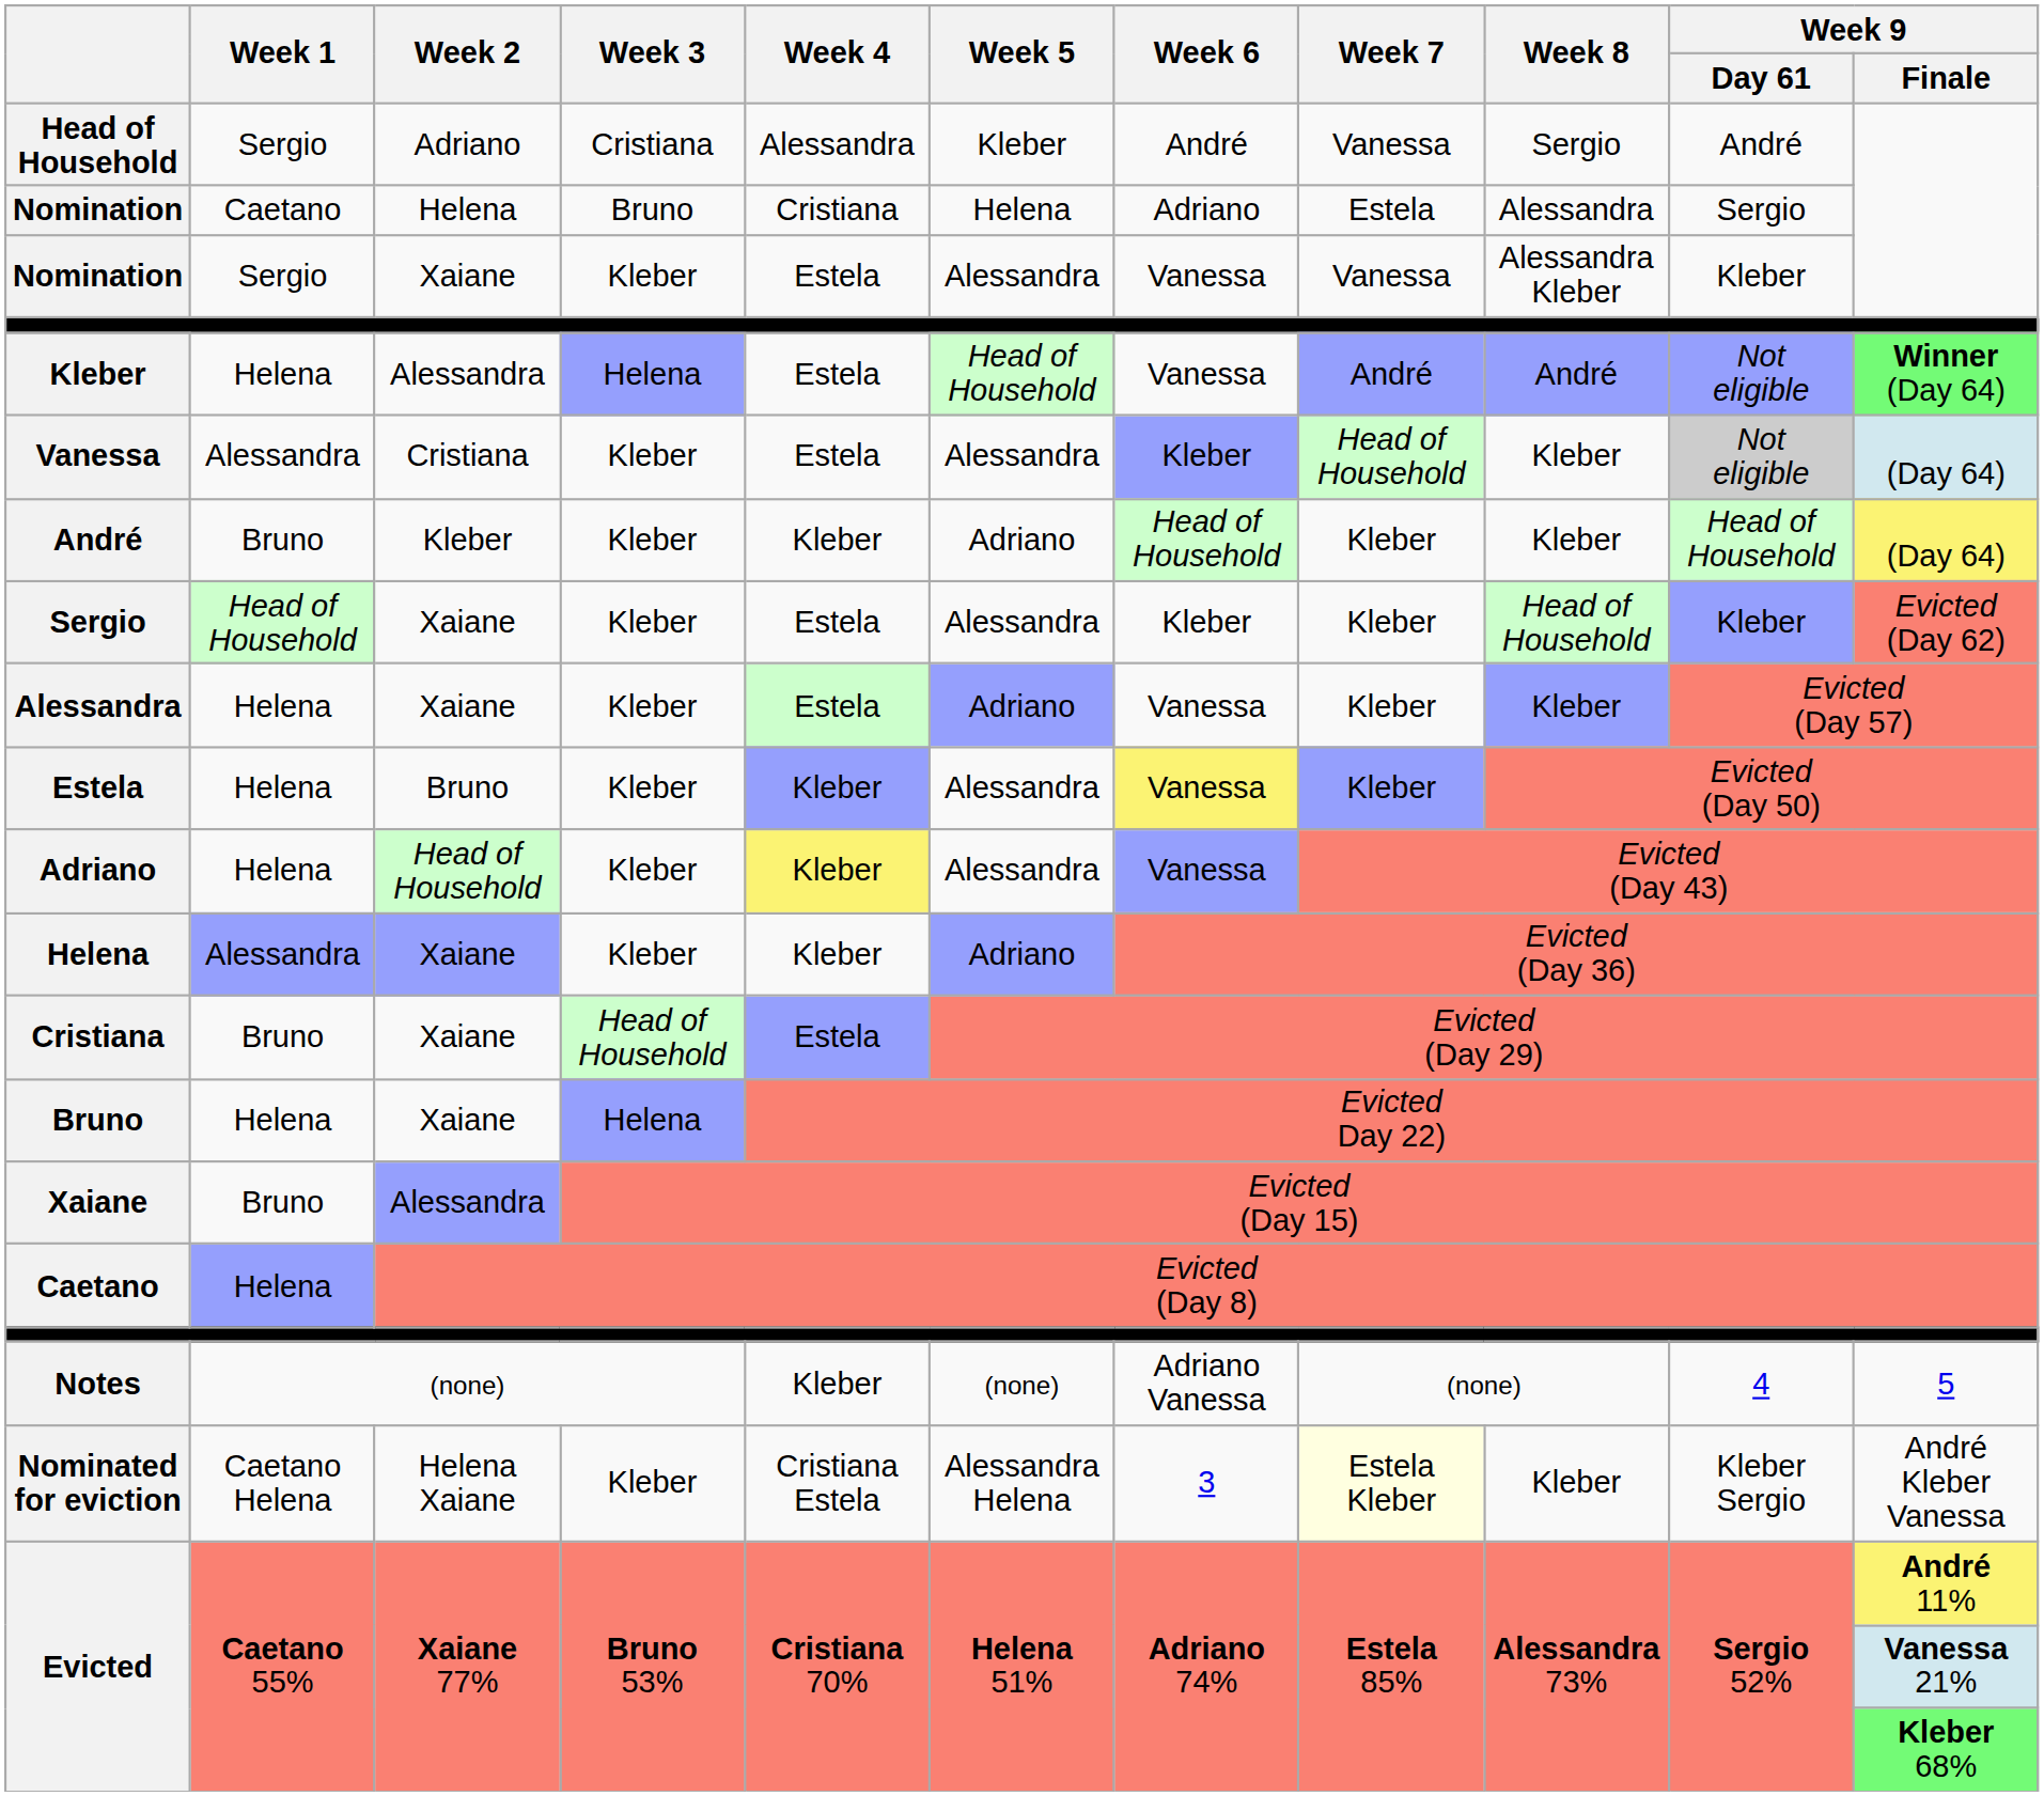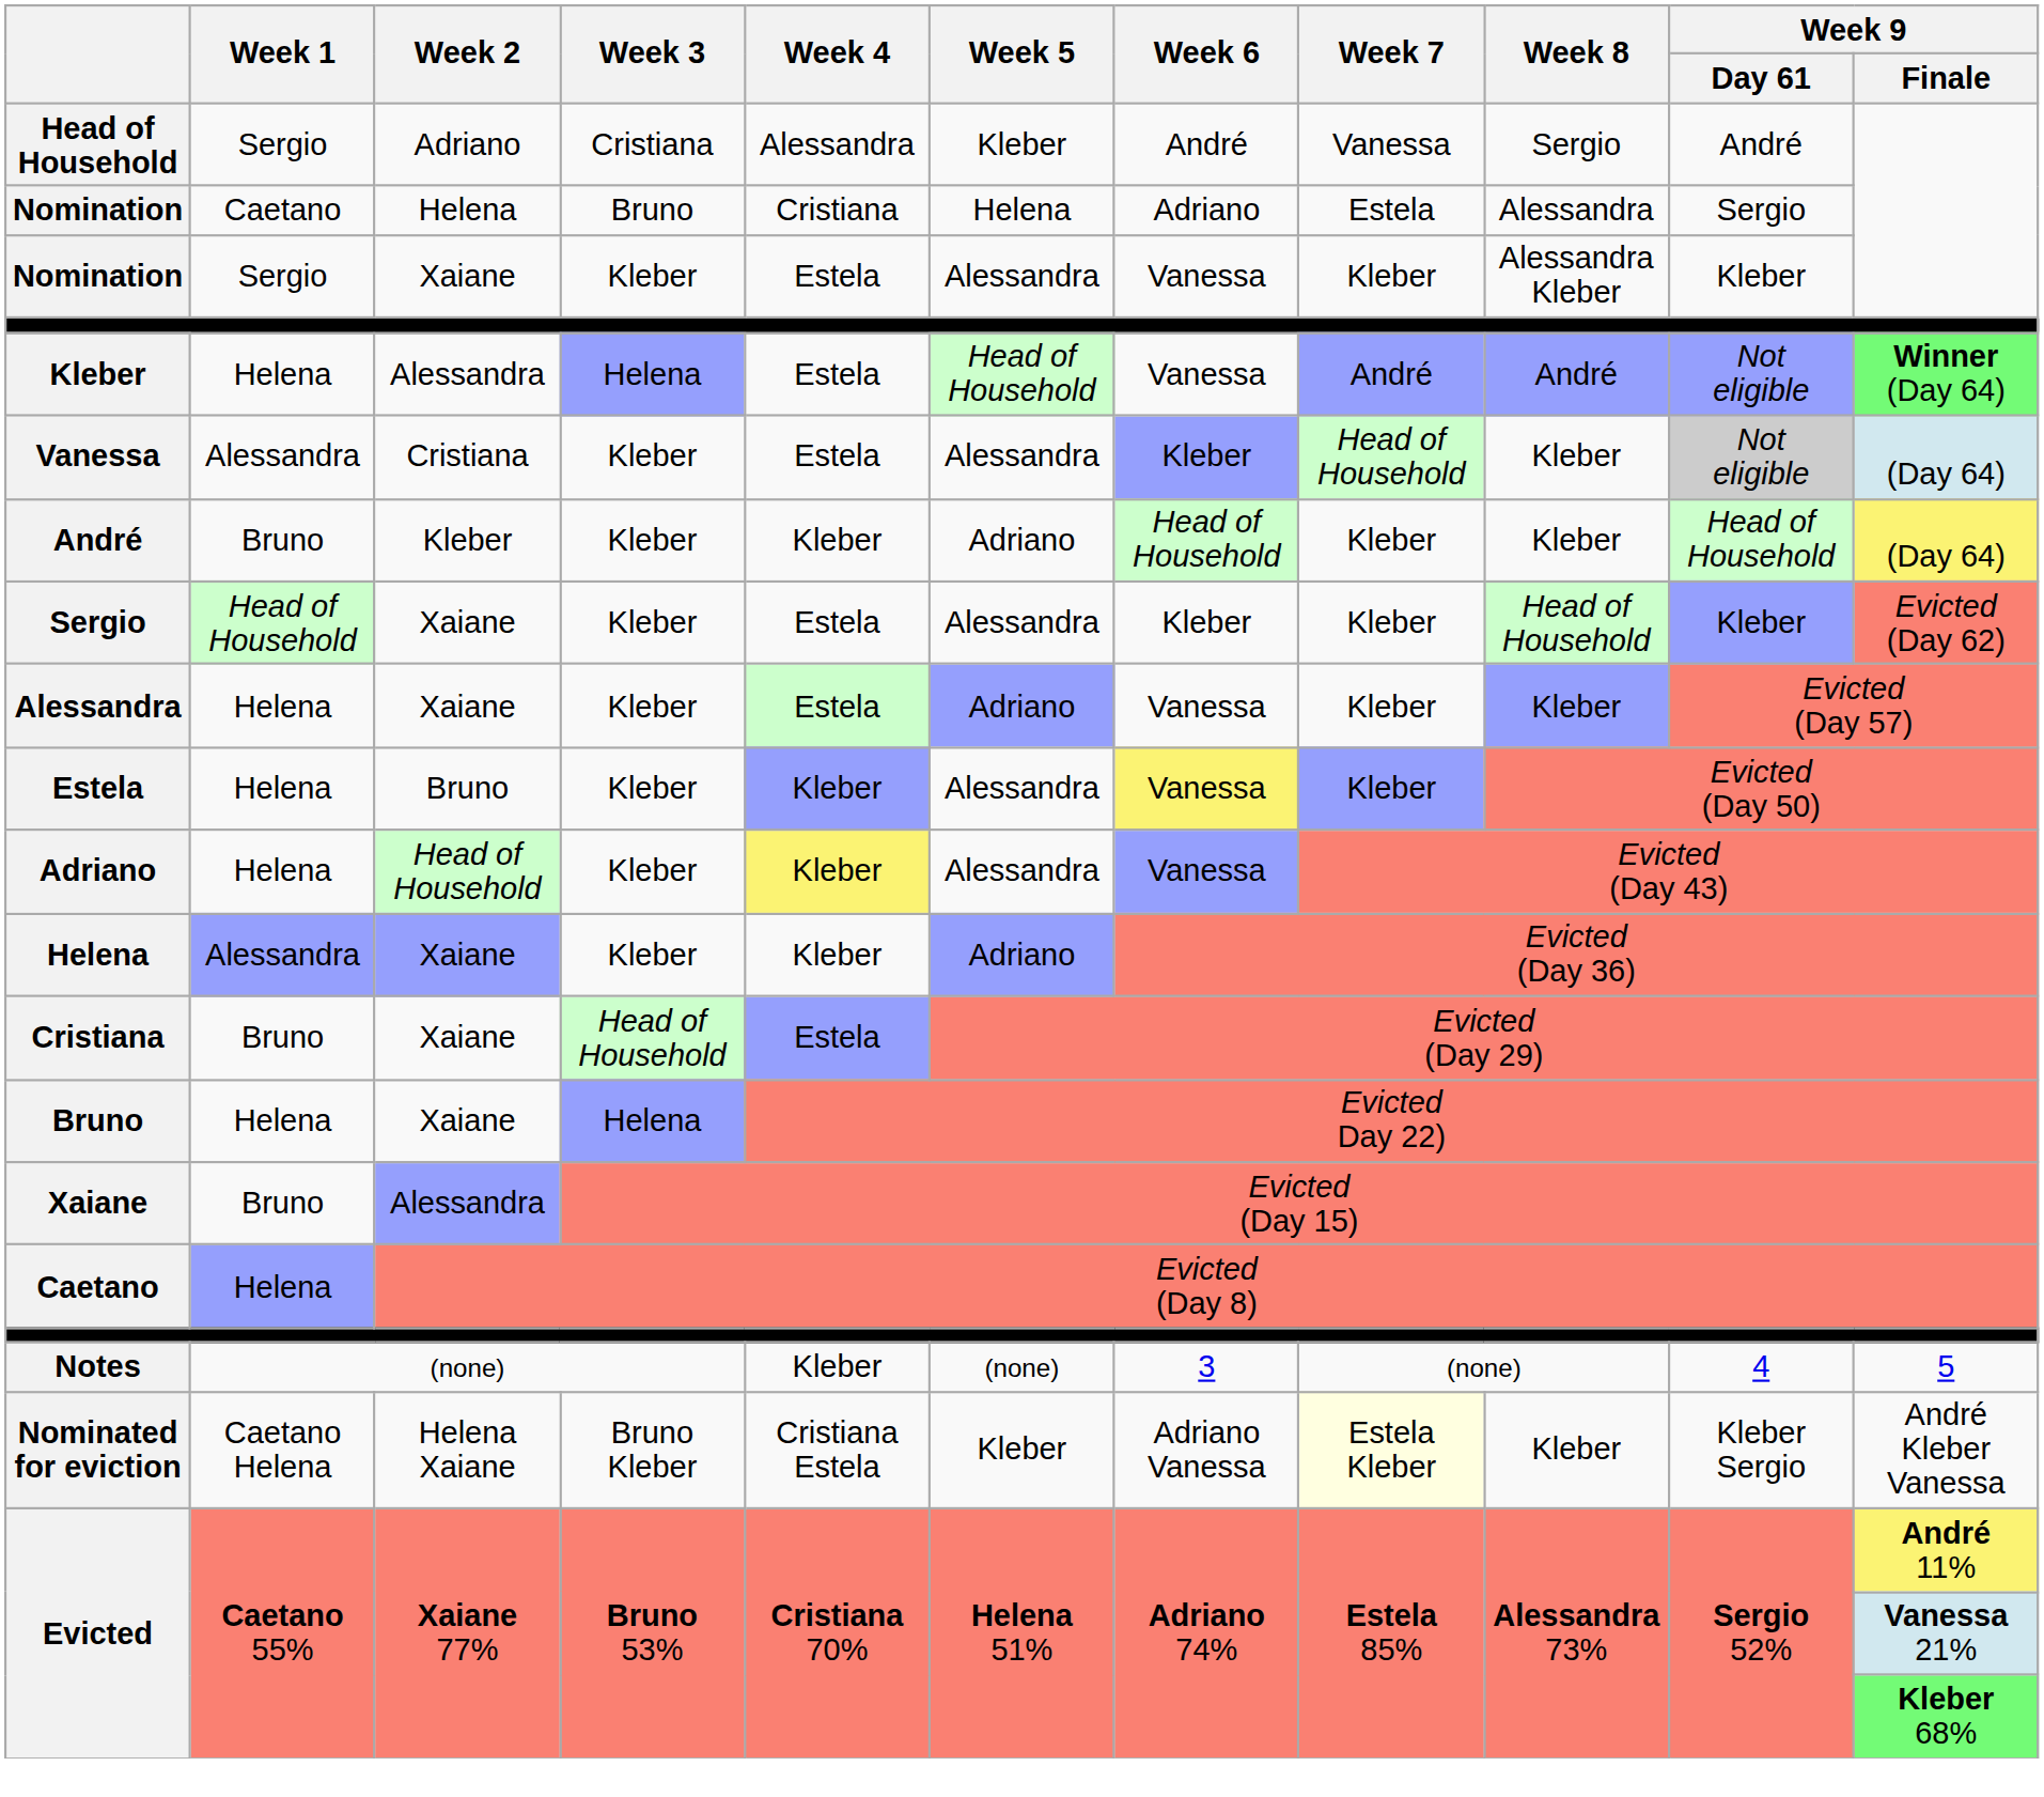 <table class="wikitable" style="text-align:center; font-size:85%">
 <tr>
 <th rowspan=2 width=09.09%></th>
 <th rowspan=2 width=09.09%>Week 1</th>
 <th rowspan=2 width=09.09%>Week 2</th>
 <th rowspan=2 width=09.09%>Week 3</th>
 <th rowspan=2 width=09.09%>Week 4</th>
 <th rowspan=2 width=09.09%>Week 5</th>
 <th rowspan=2 width=09.09%>Week 6</th>
 <th rowspan=2 width=09.09%>Week 7</th>
 <th rowspan=2 width=09.09%>Week 8</th>
 <th colspan=2 width=18.18%>Week 9</th>
 </tr>
 <tr>
 <th width=09.09%>Day 61</th>
 <th width=09.09%>Finale</th>
 </tr>
 <tr>
 <th>Head of<br>Household</th>
 <td>Sergio</td>
 <td>Adriano</td>
 <td>Cristiana</td>
 <td>Alessandra</td>
 <td>Kleber</td>
 <td>André</td>
 <td>Vanessa</td>
 <td>Sergio</td>
 <td>André</td>
 <td rowspan=3></td>
 </tr>
 <tr>
 <th>Nomination<br></th>
 <td>Caetano</td>
 <td>Helena</td>
 <td>Bruno</td>
 <td>Cristiana</td>
 <td>Helena</td>
 <td>Adriano</td>
 <td>Estela</td>
 <td>Alessandra</td>
 <td>Sergio</td>
 </tr>
 <tr>
 <th>Nomination<br></th>
 <td>Sergio</td>
 <td>Xaiane</td>
 <td>Kleber</td>
 <td>Estela</td>
 <td>Alessandra</td>
 <td>Vanessa</td>
-<td>Vanessa</td>
+<td>Kleber</td>
 <td>Alessandra<br>Kleber</td>
 <td>Kleber</td>
 </tr>
 <tr>
 <td bgcolor="000000" colspan=12></td>
 </tr>
 <tr>
 <th>Kleber</th>
 <td>Helena</td>
 <td>Alessandra</td>
 <td bgcolor="959FFD">Helena</td>
 <td>Estela</td>
 <td bgcolor="CCFFCC"><em>Head of<br>Household</em></td>
 <td>Vanessa</td>
 <td bgcolor="959FFD">André</td>
 <td bgcolor="959FFD">André</td>
 <td bgcolor="959FFD"><em>Not<br>eligible</em></td>
 <td bgcolor="73FB76"><strong>Winner</strong><br>(Day 64)</td>
 </tr>
 <tr>
 <th>Vanessa</th>
 <td>Alessandra</td>
 <td>Cristiana</td>
 <td>Kleber</td>
 <td>Estela</td>
 <td>Alessandra</td>
 <td bgcolor="959FFD">Kleber</td>
 <td bgcolor="CCFFCC"><em>Head of<br>Household</em></td>
 <td>Kleber</td>
 <td bgcolor="CCCCCC"><em>Not<br>eligible</em></td>
 <td bgcolor="D1E8EF"><br>(Day 64)</td>
 </tr>
 <tr>
 <th>André</th>
 <td>Bruno</td>
 <td>Kleber</td>
 <td>Kleber</td>
 <td>Kleber</td>
 <td>Adriano</td>
 <td bgcolor="CCFFCC"><em>Head of<br>Household</em></td>
 <td>Kleber</td>
 <td>Kleber</td>
 <td bgcolor="CCFFCC"><em>Head of<br>Household</em></td>
 <td bgcolor="FBF373"><br>(Day 64)</td>
 </tr>
 <tr>
 <th>Sergio</th>
 <td bgcolor="CCFFCC"><em>Head of<br>Household</em></td>
 <td>Xaiane</td>
 <td>Kleber</td>
 <td>Estela</td>
 <td>Alessandra</td>
 <td>Kleber</td>
 <td>Kleber</td>
 <td bgcolor="CCFFCC"><em>Head of<br>Household</em></td>
 <td bgcolor="959FFD">Kleber</td>
 <td bgcolor="FA8072"><em>Evicted</em><br>(Day 62)</td>
 </tr>
 <tr>
 <th>Alessandra</th>
 <td>Helena</td>
 <td>Xaiane</td>
 <td>Kleber</td>
 <td bgcolor="CCFFCC">Estela</td>
 <td bgcolor="959FFD">Adriano</td>
 <td>Vanessa</td>
 <td>Kleber</td>
 <td bgcolor="959FFD">Kleber</td>
 <td bgcolor="FA8072" colspan=2><em>Evicted</em><br>(Day 57)</td>
 </tr>
 <tr>
 <th>Estela</th>
 <td>Helena</td>
 <td>Bruno</td>
 <td>Kleber</td>
 <td bgcolor="959FFD">Kleber</td>
 <td>Alessandra</td>
 <td bgcolor="FBF373">Vanessa</td>
 <td bgcolor="959FFD">Kleber</td>
 <td bgcolor="FA8072" colspan=3><em>Evicted</em><br>(Day 50)</td>
 </tr>
 <tr>
 <th>Adriano</th>
 <td>Helena</td>
 <td bgcolor="CCFFCC"><em>Head of<br>Household</em></td>
 <td>Kleber</td>
 <td bgcolor="FBF373">Kleber</td>
 <td>Alessandra</td>
 <td bgcolor="959FFD">Vanessa</td>
 <td bgcolor="FA8072" colspan=4><em>Evicted</em><br>(Day 43)</td>
 </tr>
 <tr>
 <th>Helena</th>
 <td bgcolor="959FFD">Alessandra</td>
 <td bgcolor="959FFD">Xaiane</td>
 <td>Kleber</td>
 <td>Kleber</td>
 <td bgcolor="959FFD">Adriano</td>
 <td bgcolor="FA8072" colspan=5><em>Evicted</em><br>(Day 36)</td>
 </tr>
 <tr>
 <th>Cristiana</th>
 <td>Bruno</td>
 <td>Xaiane</td>
 <td bgcolor="CCFFCC"><em>Head of<br>Household</em></td>
 <td bgcolor="959FFD">Estela</td>
 <td bgcolor="FA8072" colspan=6><em>Evicted</em><br>(Day 29)</td>
 </tr>
 <tr>
 <th>Bruno</th>
 <td>Helena</td>
 <td>Xaiane</td>
 <td bgcolor="959FFD">Helena</td>
 <td bgcolor="FA8072" colspan=7><em>Evicted</em><br>Day 22)</td>
 </tr>
 <tr>
 <th>Xaiane</th>
 <td>Bruno</td>
 <td bgcolor="959FFD">Alessandra</td>
 <td bgcolor="FA8072" colspan=8><em>Evicted</em><br>(Day 15)</td>
 </tr>
 <tr>
 <th>Caetano</th>
 <td bgcolor="959FFD">Helena</td>
 <td bgcolor="FA8072" colspan=9><em>Evicted</em><br>(Day 8)</td>
 </tr>
 <tr>
 <td bgcolor="000000" colspan=12></td>
 </tr>
 <tr>
 <th>Notes</th>
 <td colspan=3><small>(none)</small></td>
 <td>Kleber</td>
 <td colspan=1><small>(none)</small></td>
-<td>Adriano<br>Vanessa</td>
+<td><a href='#'>3</a></td>
 <td colspan=2><small>(none)</small></td>
 <td><a href='#'>4</a></td>
 <td><a href='#'>5</a></td>
 </tr>
 <tr>
 <th>Nominated<br>for eviction</th>
 <td>Caetano<br>Helena</td>
 <td>Helena<br>Xaiane</td>
+<td>Bruno<br>Kleber</td>
+<td>Cristiana<br>Estela</td>
 <td>Kleber</td>
-<td>Cristiana<br>Estela</td>
-<td>Alessandra<br>Helena</td>
-<td><a href='#'>3</a></td>
+<td>Adriano<br>Vanessa</td>
 <td style="background: lightyellow;">Estela<br>Kleber</td>
 <td>Kleber</td>
 <td>Kleber<br>Sergio</td>
 <td>André<br>Kleber<br>Vanessa</td>
 </tr>
 <tr>
 <th rowspan=3>Evicted</th>
 <td rowspan=3 bgcolor="FA8072"><strong>Caetano</strong><br>55%<br></td>
 <td rowspan=3 bgcolor="FA8072"><strong>Xaiane</strong><br>77%<br></td>
 <td rowspan=3 bgcolor="FA8072"><strong>Bruno</strong><br>53%<br></td>
 <td rowspan=3 bgcolor="FA8072"><strong>Cristiana</strong><br>70%<br></td>
 <td rowspan=3 bgcolor="FA8072"><strong>Helena</strong><br>51%<br></td>
 <td rowspan=3 bgcolor="FA8072"><strong>Adriano</strong><br>74%<br></td>
 <td rowspan=3 bgcolor="FA8072"><strong>Estela</strong><br>85%<br></td>
 <td rowspan=3 bgcolor="FA8072"><strong>Alessandra</strong><br>73%<br></td>
 <td rowspan=3 bgcolor="FA8072"><strong>Sergio</strong><br>52%<br></td>
 <td rowspan=1 bgcolor="FBF373"><strong>André</strong><br>11%<br></td>
 </tr>
 <tr>
 <td rowspan=1 bgcolor="D1E8EF"><strong>Vanessa</strong><br>21%<br></td>
 </tr>
 <tr>
 <td rowspan=1 bgcolor="73FB76"><strong>Kleber</strong><br>68%<br></td>
 </tr>
 </table>
